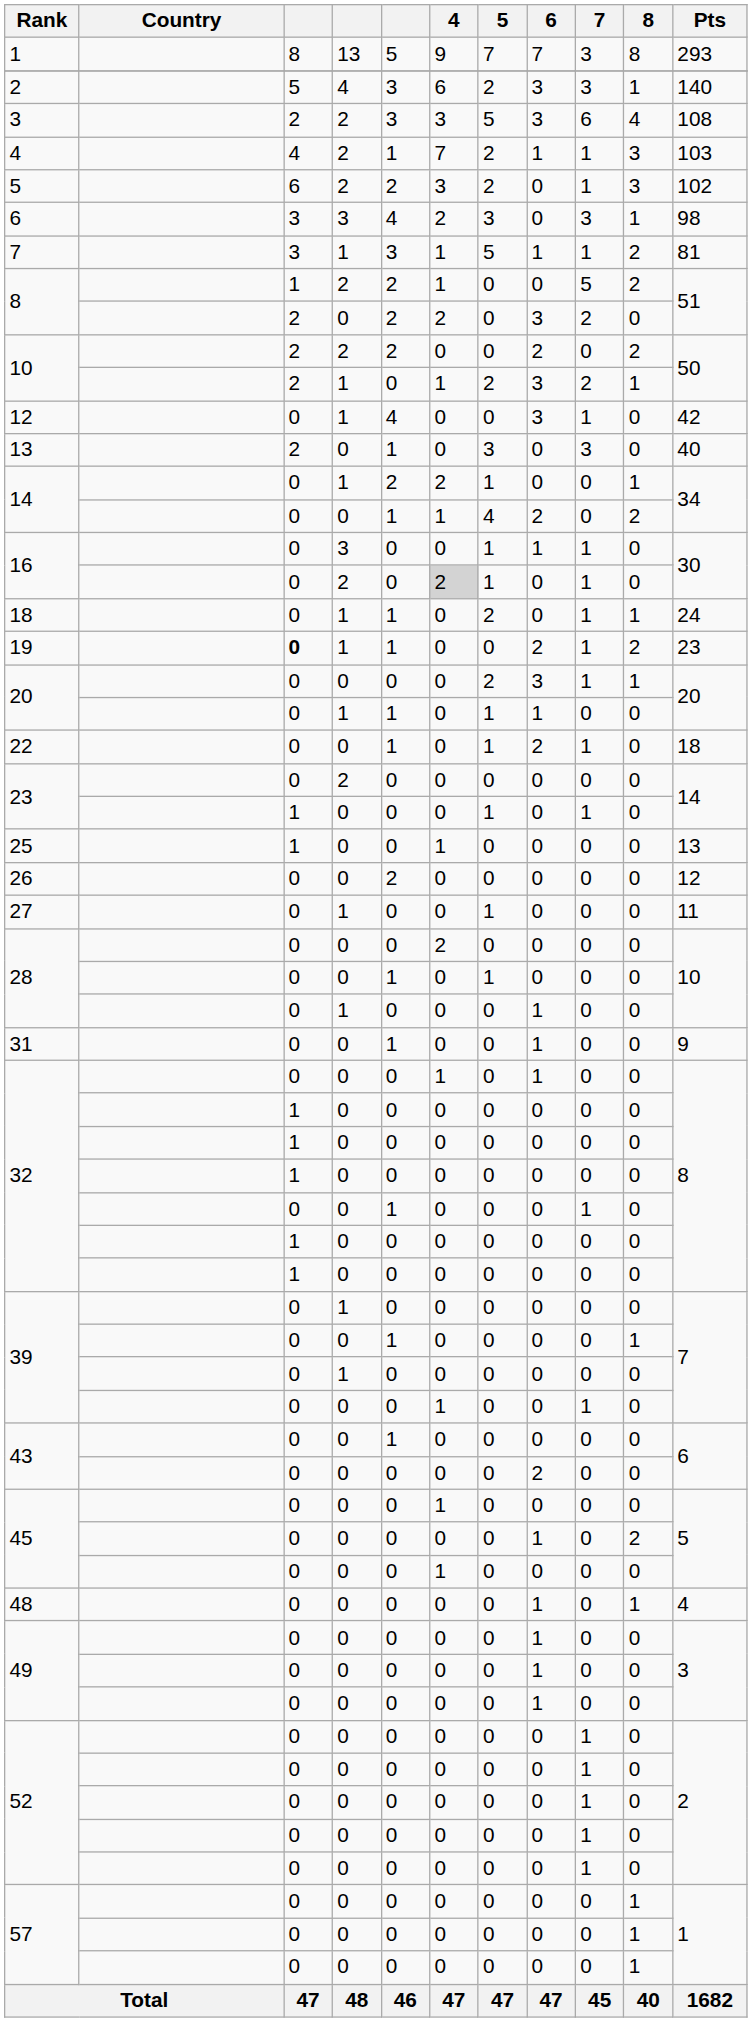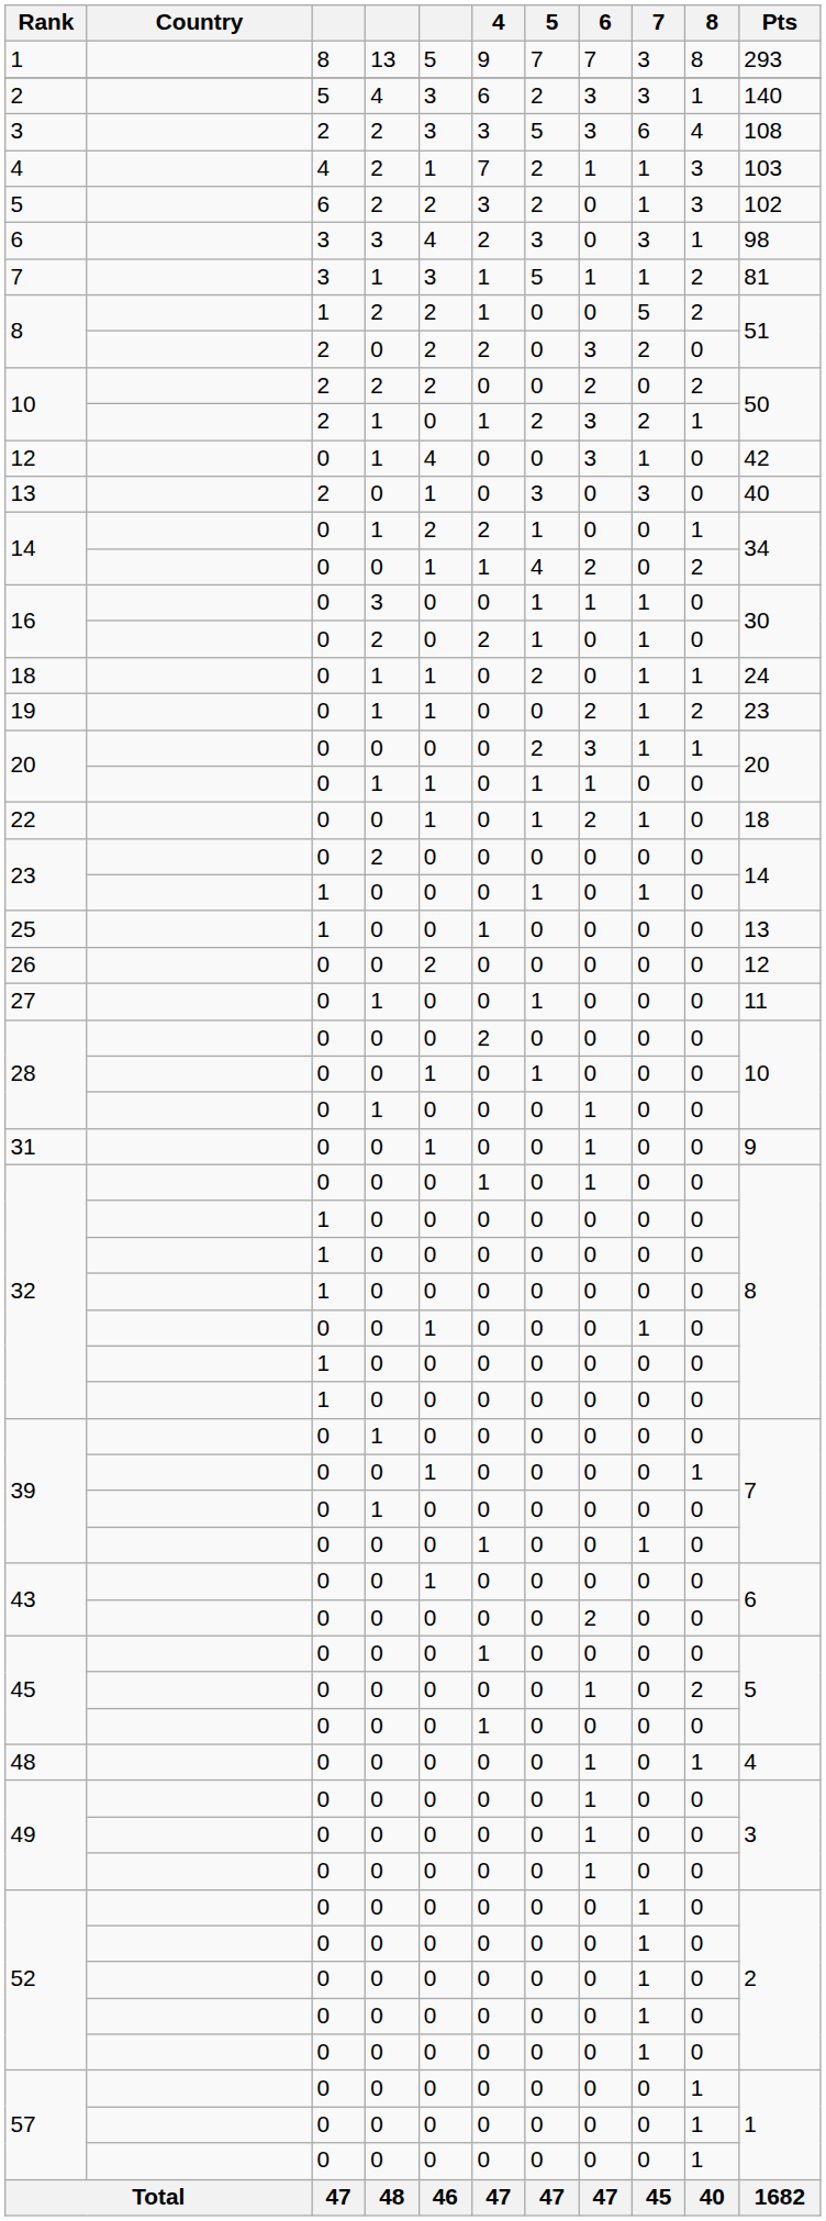 <table class="wikitable sortable" width= style="text-align:center;">
 <tr>
 <th width="50">Rank</th>
 <th style="width:130px;">Country</th>
 <th width="30"></th>
 <th width="30"></th>
 <th width="30"></th>
 <th width="30">4</th>
 <th width="30">5</th>
 <th width="30">6</th>
 <th width="30">7</th>
 <th width="30">8</th>
 <th width="50">Pts</th>
 </tr>
 <tr>
 <td>1</td>
 <td align=left style=""></td>
 <td>8</td>
 <td>13</td>
 <td>5</td>
 <td>9</td>
 <td>7</td>
 <td>7</td>
 <td>3</td>
 <td>8</td>
 <td>293</td>
 </tr>
 <tr style="background:#ccf;">
 </tr>
 <tr>
 <td>2</td>
 <td align=left></td>
 <td>5</td>
 <td>4</td>
 <td>3</td>
 <td>6</td>
 <td>2</td>
 <td>3</td>
 <td>3</td>
 <td>1</td>
 <td>140</td>
 </tr>
 <tr>
 <td>3</td>
 <td width="150" align=left></td>
 <td>2</td>
 <td>2</td>
 <td>3</td>
 <td>3</td>
 <td>5</td>
 <td>3</td>
 <td>6</td>
 <td>4</td>
 <td>108</td>
 </tr>
 <tr>
 <td>4</td>
 <td align=left></td>
 <td>4</td>
 <td>2</td>
 <td>1</td>
 <td>7</td>
 <td>2</td>
 <td>1</td>
 <td>1</td>
 <td>3</td>
 <td>103</td>
 </tr>
 <tr>
 <td>5</td>
 <td align=left></td>
 <td>6</td>
 <td>2</td>
 <td>2</td>
 <td>3</td>
 <td>2</td>
 <td>0</td>
 <td>1</td>
 <td>3</td>
 <td>102</td>
 </tr>
 <tr>
 <td>6</td>
 <td align=left></td>
 <td>3</td>
 <td>3</td>
 <td>4</td>
 <td>2</td>
 <td>3</td>
 <td>0</td>
 <td>3</td>
 <td>1</td>
 <td>98</td>
 </tr>
 <tr>
 <td>7</td>
 <td align=left></td>
 <td>3</td>
 <td>1</td>
 <td>3</td>
 <td>1</td>
 <td>5</td>
 <td>1</td>
 <td>1</td>
 <td>2</td>
 <td>81</td>
 </tr>
 <tr>
 <td rowspan="2">8</td>
 <td align=left></td>
 <td>1</td>
 <td>2</td>
 <td>2</td>
 <td>1</td>
 <td>0</td>
 <td>0</td>
 <td>5</td>
 <td>2</td>
 <td rowspan="2">51</td>
 </tr>
 <tr>
 <td align=left></td>
 <td>2</td>
 <td>0</td>
 <td>2</td>
 <td>2</td>
 <td>0</td>
 <td>3</td>
 <td>2</td>
 <td>0</td>
 </tr>
 <tr>
 <td rowspan="2">10</td>
 <td align=left></td>
 <td>2</td>
 <td>2</td>
 <td>2</td>
 <td>0</td>
 <td>0</td>
 <td>2</td>
 <td>0</td>
 <td>2</td>
 <td rowspan="2">50</td>
 </tr>
 <tr>
 <td align=left></td>
 <td>2</td>
 <td>1</td>
 <td>0</td>
 <td>1</td>
 <td>2</td>
 <td>3</td>
 <td>2</td>
 <td>1</td>
 </tr>
 <tr>
 <td>12</td>
 <td align=left></td>
 <td>0</td>
 <td>1</td>
 <td>4</td>
 <td>0</td>
 <td>0</td>
 <td>3</td>
 <td>1</td>
 <td>0</td>
 <td>42</td>
 </tr>
 <tr>
 <td>13</td>
 <td align=left></td>
 <td>2</td>
 <td>0</td>
 <td>1</td>
 <td>0</td>
 <td>3</td>
 <td>0</td>
 <td>3</td>
 <td>0</td>
 <td>40</td>
 </tr>
 <tr>
 <td rowspan="2">14</td>
 <td align=left></td>
 <td>0</td>
 <td>1</td>
 <td>2</td>
 <td>2</td>
 <td>1</td>
 <td>0</td>
 <td>0</td>
 <td>1</td>
 <td rowspan="2">34</td>
 </tr>
 <tr>
 <td align=left></td>
 <td>0</td>
 <td>0</td>
 <td>1</td>
 <td>1</td>
 <td>4</td>
 <td>2</td>
 <td>0</td>
 <td>2</td>
 </tr>
 <tr>
 <td rowspan="2">16</td>
 <td align=left></td>
 <td>0</td>
 <td>3</td>
 <td>0</td>
 <td>0</td>
 <td>1</td>
 <td>1</td>
 <td>1</td>
 <td>0</td>
 <td rowspan="2">30</td>
 </tr>
 <tr>
 <td align=left></td>
 <td>0</td>
 <td>2</td>
 <td>0</td>
-<td style="background: lightgrey;">2</td>
+<td>2</td>
 <td>1</td>
 <td>0</td>
 <td>1</td>
 <td>0</td>
 </tr>
 <tr>
 <td>18</td>
 <td align=left></td>
 <td>0</td>
 <td>1</td>
 <td>1</td>
 <td>0</td>
 <td>2</td>
 <td>0</td>
 <td>1</td>
 <td>1</td>
 <td>24</td>
 </tr>
 <tr>
 <td>19</td>
 <td align=left></td>
-<td><strong>0</strong></td>
+<td>0</td>
 <td>1</td>
 <td>1</td>
 <td>0</td>
 <td>0</td>
 <td>2</td>
 <td>1</td>
 <td>2</td>
 <td>23</td>
 </tr>
 <tr>
 <td rowspan="2">20</td>
 <td align=left></td>
 <td>0</td>
 <td>0</td>
 <td>0</td>
 <td>0</td>
 <td>2</td>
 <td>3</td>
 <td>1</td>
 <td>1</td>
 <td rowspan="2">20</td>
 </tr>
 <tr>
 <td align=left></td>
 <td>0</td>
 <td>1</td>
 <td>1</td>
 <td>0</td>
 <td>1</td>
 <td>1</td>
 <td>0</td>
 <td>0</td>
 </tr>
 <tr>
 <td>22</td>
 <td align=left></td>
 <td>0</td>
 <td>0</td>
 <td>1</td>
 <td>0</td>
 <td>1</td>
 <td>2</td>
 <td>1</td>
 <td>0</td>
 <td>18</td>
 </tr>
 <tr>
 <td rowspan="2">23</td>
 <td align=left></td>
 <td>0</td>
 <td>2</td>
 <td>0</td>
 <td>0</td>
 <td>0</td>
 <td>0</td>
 <td>0</td>
 <td>0</td>
 <td rowspan="2">14</td>
 </tr>
 <tr>
 <td align=left></td>
 <td>1</td>
 <td>0</td>
 <td>0</td>
 <td>0</td>
 <td>1</td>
 <td>0</td>
 <td>1</td>
 <td>0</td>
 </tr>
 <tr>
 <td>25</td>
 <td align=left></td>
 <td>1</td>
 <td>0</td>
 <td>0</td>
 <td>1</td>
 <td>0</td>
 <td>0</td>
 <td>0</td>
 <td>0</td>
 <td>13</td>
 </tr>
 <tr>
 <td>26</td>
 <td align=left></td>
 <td>0</td>
 <td>0</td>
 <td>2</td>
 <td>0</td>
 <td>0</td>
 <td>0</td>
 <td>0</td>
 <td>0</td>
 <td>12</td>
 </tr>
 <tr>
 <td>27</td>
 <td align=left></td>
 <td>0</td>
 <td>1</td>
 <td>0</td>
 <td>0</td>
 <td>1</td>
 <td>0</td>
 <td>0</td>
 <td>0</td>
 <td>11</td>
 </tr>
 <tr>
 <td rowspan="3">28</td>
 <td align=left></td>
 <td>0</td>
 <td>0</td>
 <td>0</td>
 <td>2</td>
 <td>0</td>
 <td>0</td>
 <td>0</td>
 <td>0</td>
 <td rowspan="3">10</td>
 </tr>
 <tr>
 <td align=left></td>
 <td>0</td>
 <td>0</td>
 <td>1</td>
 <td>0</td>
 <td>1</td>
 <td>0</td>
 <td>0</td>
 <td>0</td>
 </tr>
 <tr>
 <td align=left></td>
 <td>0</td>
 <td>1</td>
 <td>0</td>
 <td>0</td>
 <td>0</td>
 <td>1</td>
 <td>0</td>
 <td>0</td>
 </tr>
 <tr>
 <td>31</td>
 <td align=left></td>
 <td>0</td>
 <td>0</td>
 <td>1</td>
 <td>0</td>
 <td>0</td>
 <td>1</td>
 <td>0</td>
 <td>0</td>
 <td>9</td>
 </tr>
 <tr>
 <td rowspan="7">32</td>
 <td align=left></td>
 <td>0</td>
 <td>0</td>
 <td>0</td>
 <td>1</td>
 <td>0</td>
 <td>1</td>
 <td>0</td>
 <td>0</td>
 <td rowspan="7">8</td>
 </tr>
 <tr>
 <td align=left></td>
 <td>1</td>
 <td>0</td>
 <td>0</td>
 <td>0</td>
 <td>0</td>
 <td>0</td>
 <td>0</td>
 <td>0</td>
 </tr>
 <tr>
 <td align=left></td>
 <td>1</td>
 <td>0</td>
 <td>0</td>
 <td>0</td>
 <td>0</td>
 <td>0</td>
 <td>0</td>
 <td>0</td>
 </tr>
 <tr>
 <td align=left></td>
 <td>1</td>
 <td>0</td>
 <td>0</td>
 <td>0</td>
 <td>0</td>
 <td>0</td>
 <td>0</td>
 <td>0</td>
 </tr>
 <tr>
 <td align=left></td>
 <td>0</td>
 <td>0</td>
 <td>1</td>
 <td>0</td>
 <td>0</td>
 <td>0</td>
 <td>1</td>
 <td>0</td>
 </tr>
 <tr>
 <td align=left></td>
 <td>1</td>
 <td>0</td>
 <td>0</td>
 <td>0</td>
 <td>0</td>
 <td>0</td>
 <td>0</td>
 <td>0</td>
 </tr>
 <tr>
 <td align=left></td>
 <td>1</td>
 <td>0</td>
 <td>0</td>
 <td>0</td>
 <td>0</td>
 <td>0</td>
 <td>0</td>
 <td>0</td>
 </tr>
 <tr>
 <td rowspan="4">39</td>
 <td align=left></td>
 <td>0</td>
 <td>1</td>
 <td>0</td>
 <td>0</td>
 <td>0</td>
 <td>0</td>
 <td>0</td>
 <td>0</td>
 <td rowspan="4">7</td>
 </tr>
 <tr>
 <td align=left></td>
 <td>0</td>
 <td>0</td>
 <td>1</td>
 <td>0</td>
 <td>0</td>
 <td>0</td>
 <td>0</td>
 <td>1</td>
 </tr>
 <tr>
 <td align=left></td>
 <td>0</td>
 <td>1</td>
 <td>0</td>
 <td>0</td>
 <td>0</td>
 <td>0</td>
 <td>0</td>
 <td>0</td>
 </tr>
 <tr>
 <td align=left></td>
 <td>0</td>
 <td>0</td>
 <td>0</td>
 <td>1</td>
 <td>0</td>
 <td>0</td>
 <td>1</td>
 <td>0</td>
 </tr>
 <tr>
 <td rowspan="2">43</td>
 <td align=left></td>
 <td>0</td>
 <td>0</td>
 <td>1</td>
 <td>0</td>
 <td>0</td>
 <td>0</td>
 <td>0</td>
 <td>0</td>
 <td rowspan="2">6</td>
 </tr>
 <tr>
 <td align=left></td>
 <td>0</td>
 <td>0</td>
 <td>0</td>
 <td>0</td>
 <td>0</td>
 <td>2</td>
 <td>0</td>
 <td>0</td>
 </tr>
 <tr>
 <td rowspan="3">45</td>
 <td align=left></td>
 <td>0</td>
 <td>0</td>
 <td>0</td>
 <td>1</td>
 <td>0</td>
 <td>0</td>
 <td>0</td>
 <td>0</td>
 <td rowspan="3">5</td>
 </tr>
 <tr>
 <td align=left></td>
 <td>0</td>
 <td>0</td>
 <td>0</td>
 <td>0</td>
 <td>0</td>
 <td>1</td>
 <td>0</td>
 <td>2</td>
 </tr>
 <tr>
 <td align=left></td>
 <td>0</td>
 <td>0</td>
 <td>0</td>
 <td>1</td>
 <td>0</td>
 <td>0</td>
 <td>0</td>
 <td>0</td>
 </tr>
 <tr>
 <td>48</td>
 <td align=left></td>
 <td>0</td>
 <td>0</td>
 <td>0</td>
 <td>0</td>
 <td>0</td>
 <td>1</td>
 <td>0</td>
 <td>1</td>
 <td>4</td>
 </tr>
 <tr>
 <td rowspan="3">49</td>
 <td align=left></td>
 <td>0</td>
 <td>0</td>
 <td>0</td>
 <td>0</td>
 <td>0</td>
 <td>1</td>
 <td>0</td>
 <td>0</td>
 <td rowspan="3">3</td>
 </tr>
 <tr>
 <td align=left></td>
 <td>0</td>
 <td>0</td>
 <td>0</td>
 <td>0</td>
 <td>0</td>
 <td>1</td>
 <td>0</td>
 <td>0</td>
 </tr>
 <tr>
 <td align=left></td>
 <td>0</td>
 <td>0</td>
 <td>0</td>
 <td>0</td>
 <td>0</td>
 <td>1</td>
 <td>0</td>
 <td>0</td>
 </tr>
 <tr>
 <td rowspan="5">52</td>
 <td align=left></td>
 <td>0</td>
 <td>0</td>
 <td>0</td>
 <td>0</td>
 <td>0</td>
 <td>0</td>
 <td>1</td>
 <td>0</td>
 <td rowspan="5">2</td>
 </tr>
 <tr>
 <td align=left></td>
 <td>0</td>
 <td>0</td>
 <td>0</td>
 <td>0</td>
 <td>0</td>
 <td>0</td>
 <td>1</td>
 <td>0</td>
 </tr>
 <tr>
 <td align=left></td>
 <td>0</td>
 <td>0</td>
 <td>0</td>
 <td>0</td>
 <td>0</td>
 <td>0</td>
 <td>1</td>
 <td>0</td>
 </tr>
 <tr>
 <td align=left></td>
 <td>0</td>
 <td>0</td>
 <td>0</td>
 <td>0</td>
 <td>0</td>
 <td>0</td>
 <td>1</td>
 <td>0</td>
 </tr>
 <tr>
 <td align=left></td>
 <td>0</td>
 <td>0</td>
 <td>0</td>
 <td>0</td>
 <td>0</td>
 <td>0</td>
 <td>1</td>
 <td>0</td>
 </tr>
 <tr>
 <td rowspan="3">57</td>
 <td align=left></td>
 <td>0</td>
 <td>0</td>
 <td>0</td>
 <td>0</td>
 <td>0</td>
 <td>0</td>
 <td>0</td>
 <td>1</td>
 <td rowspan="3">1</td>
 </tr>
 <tr>
 <td align=left></td>
 <td>0</td>
 <td>0</td>
 <td>0</td>
 <td>0</td>
 <td>0</td>
 <td>0</td>
 <td>0</td>
 <td>1</td>
 </tr>
 <tr>
 <td align=left></td>
 <td>0</td>
 <td>0</td>
 <td>0</td>
 <td>0</td>
 <td>0</td>
 <td>0</td>
 <td>0</td>
 <td>1</td>
 </tr>
 <tr>
 <th colspan=2>Total</th>
 <th>47</th>
 <th>48</th>
 <th>46</th>
 <th>47</th>
 <th>47</th>
 <th>47</th>
 <th>45</th>
 <th>40</th>
 <th>1682</th>
 </tr>
 </table>
